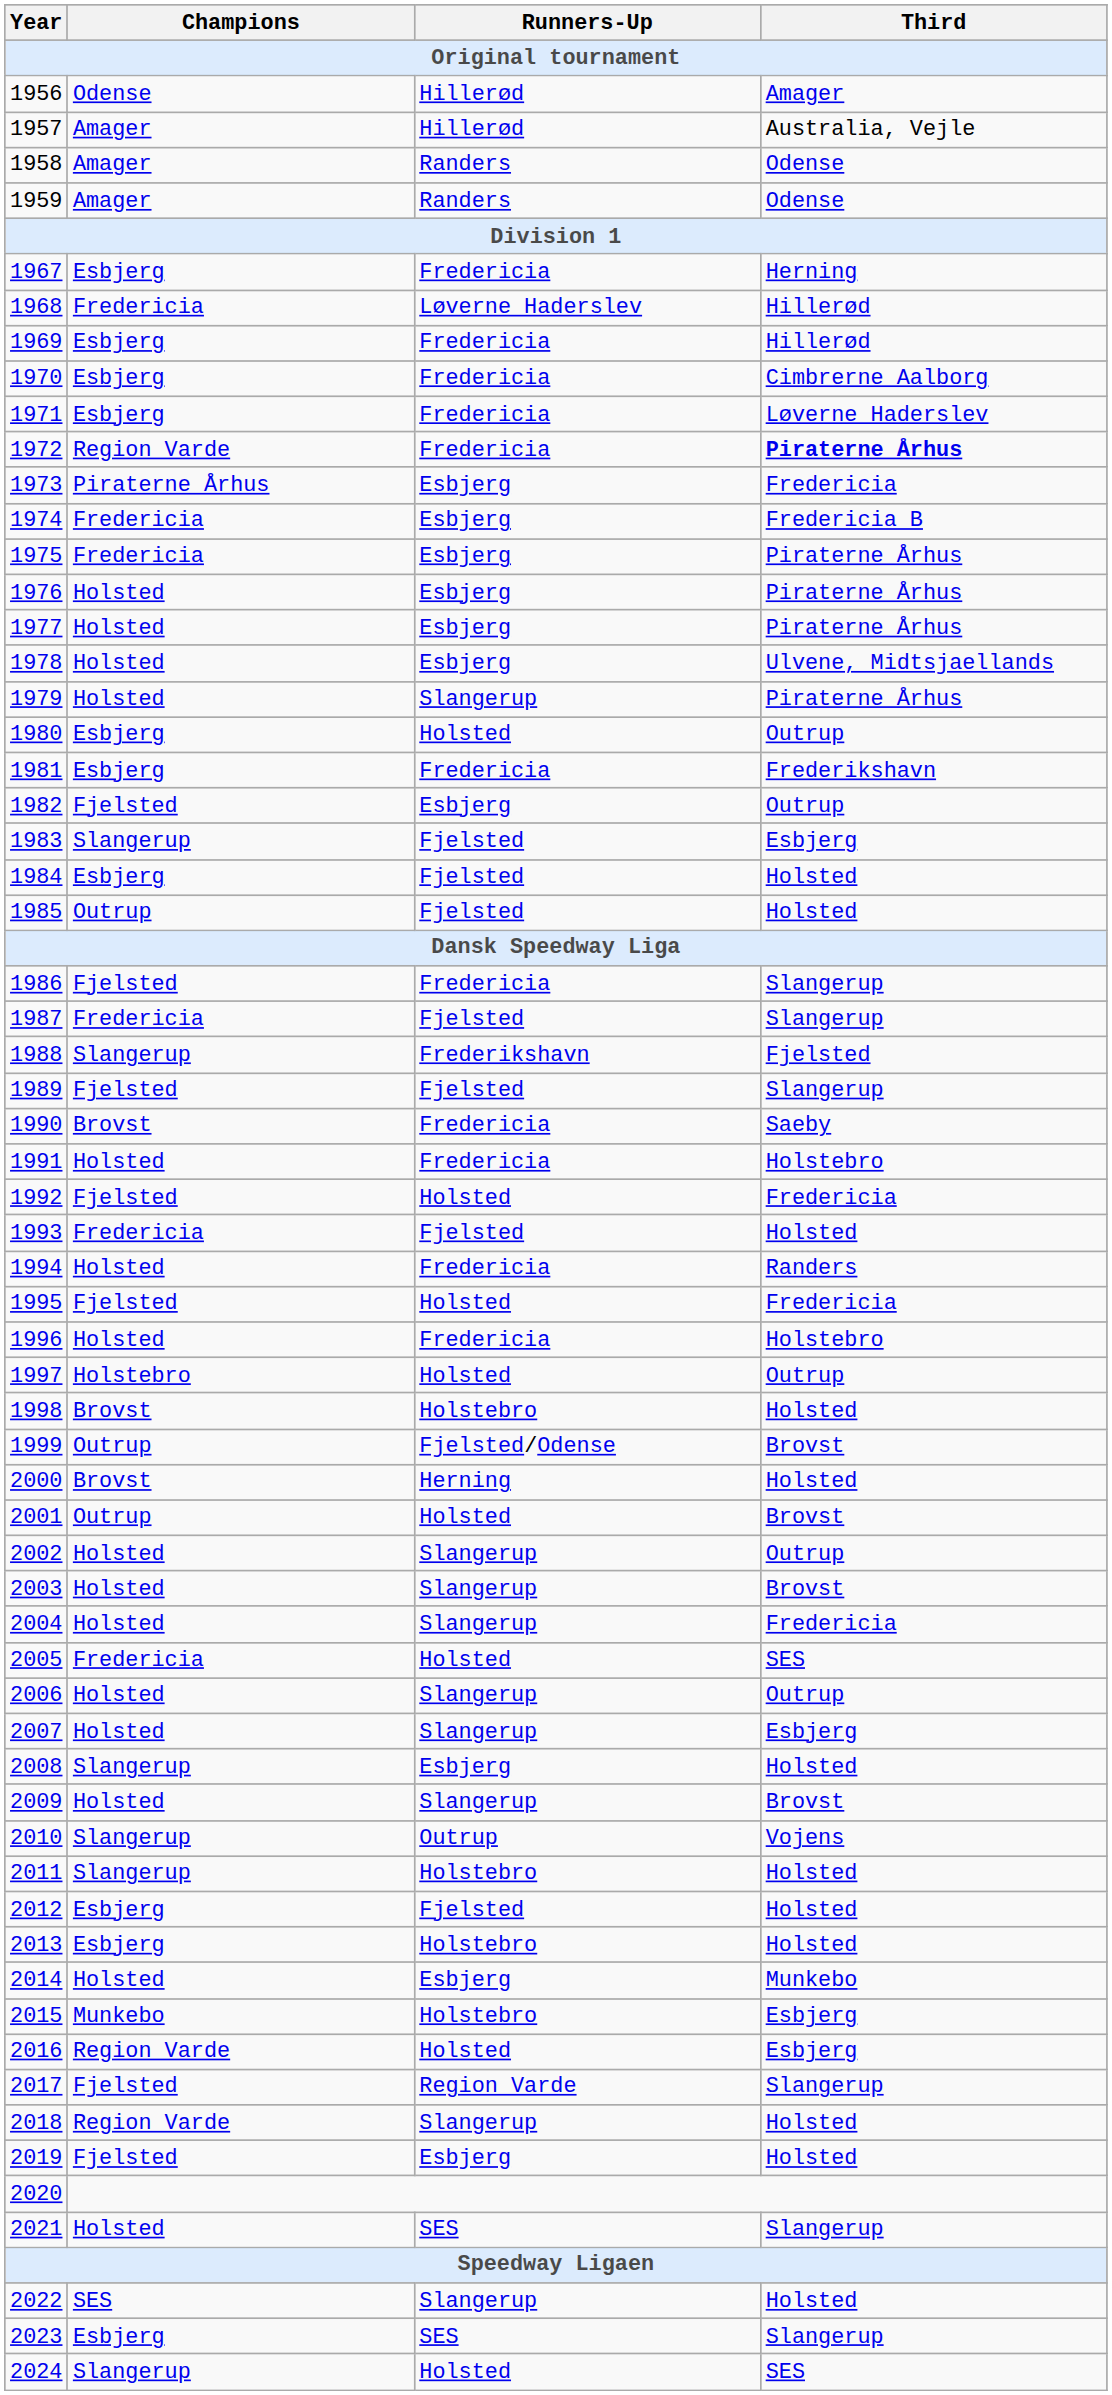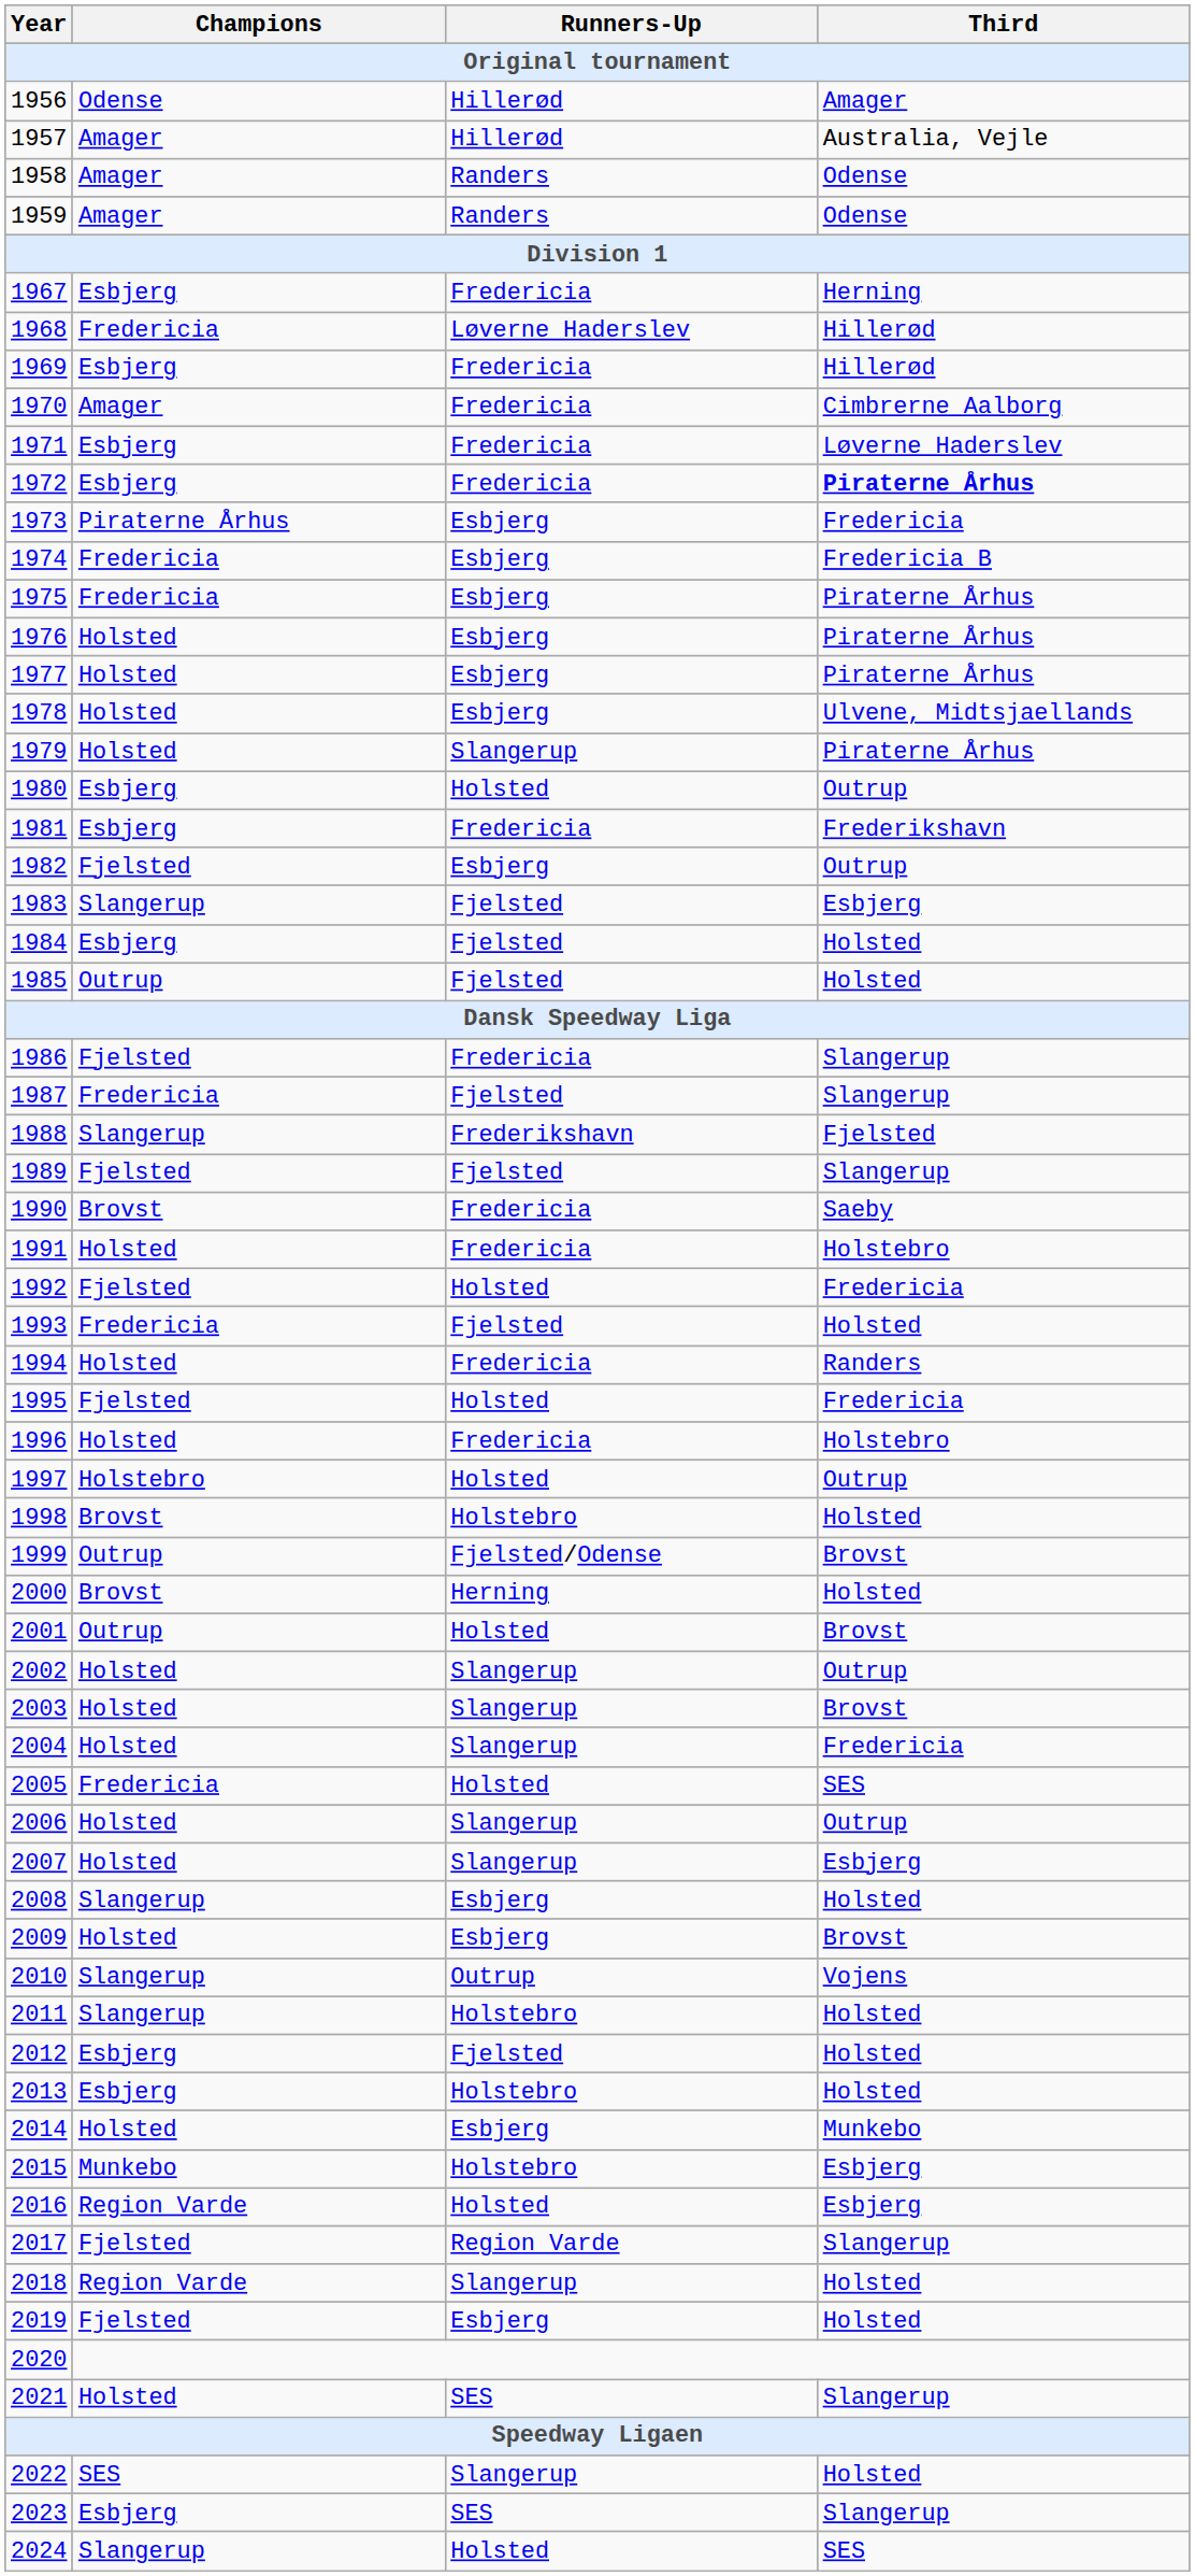 <table class="wikitable">
 <tr>
 <th>Year</th>
 <th width=200px>Champions</th>
 <th width=200px>Runners-Up</th>
 <th width=200px>Third</th>
 </tr>
 <tr>
 <td colspan="14" style="border:0;opacity:.70; background-color:#D0E6FF"; align=center><strong>Original tournament</strong></td>
 </tr>
 <tr>
 <td>1956</td>
 <td><a href='#'>Odense</a></td>
 <td><a href='#'>Hillerød</a></td>
 <td><a href='#'>Amager</a></td>
 </tr>
 <tr>
 <td>1957</td>
 <td><a href='#'>Amager</a></td>
 <td><a href='#'>Hillerød</a></td>
 <td>Australia, Vejle</td>
 </tr>
 <tr>
 <td>1958</td>
 <td><a href='#'>Amager</a></td>
 <td><a href='#'>Randers</a></td>
 <td><a href='#'>Odense</a></td>
 </tr>
 <tr>
 <td>1959</td>
 <td><a href='#'>Amager</a></td>
 <td><a href='#'>Randers</a></td>
 <td><a href='#'>Odense</a></td>
 </tr>
 <tr>
 <td colspan="14" style="border:0;opacity:.70; background-color:#D0E6FF"; align=center><strong>Division 1</strong></td>
 </tr>
 <tr>
 <td><a href='#'>1967</a></td>
 <td><a href='#'>Esbjerg</a></td>
 <td><a href='#'>Fredericia</a></td>
 <td><a href='#'>Herning</a></td>
 </tr>
 <tr>
 <td><a href='#'>1968</a></td>
 <td><a href='#'>Fredericia</a></td>
 <td><a href='#'>Løverne Haderslev</a></td>
 <td><a href='#'>Hillerød</a></td>
 </tr>
 <tr>
 <td><a href='#'>1969</a></td>
 <td><a href='#'>Esbjerg</a></td>
 <td><a href='#'>Fredericia</a></td>
 <td><a href='#'>Hillerød</a></td>
 </tr>
 <tr>
 <td><a href='#'>1970</a></td>
-<td><a href='#'>Esbjerg</a></td>
+<td><a href='#'>Amager</a></td>
 <td><a href='#'>Fredericia</a></td>
 <td><a href='#'>Cimbrerne Aalborg</a></td>
 </tr>
 <tr>
 <td><a href='#'>1971</a></td>
 <td><a href='#'>Esbjerg</a></td>
 <td><a href='#'>Fredericia</a></td>
 <td><a href='#'>Løverne Haderslev</a></td>
 </tr>
 <tr>
 <td><a href='#'>1972</a></td>
-<td><a href='#'>Region Varde</a></td>
+<td><a href='#'>Esbjerg</a></td>
 <td><a href='#'>Fredericia</a></td>
 <td><strong><a href='#'>Piraterne Århus</a></strong></td>
 </tr>
 <tr>
 <td><a href='#'>1973</a></td>
 <td><a href='#'>Piraterne Århus</a></td>
 <td><a href='#'>Esbjerg</a></td>
 <td><a href='#'>Fredericia</a></td>
 </tr>
 <tr>
 <td><a href='#'>1974</a></td>
 <td><a href='#'>Fredericia</a></td>
 <td><a href='#'>Esbjerg</a></td>
 <td><a href='#'>Fredericia B</a></td>
 </tr>
 <tr>
 <td><a href='#'>1975</a></td>
 <td><a href='#'>Fredericia</a></td>
 <td><a href='#'>Esbjerg</a></td>
 <td><a href='#'>Piraterne Århus</a></td>
 </tr>
 <tr>
 <td><a href='#'>1976</a></td>
 <td><a href='#'>Holsted</a></td>
 <td><a href='#'>Esbjerg</a></td>
 <td><a href='#'>Piraterne Århus</a></td>
 </tr>
 <tr>
 <td><a href='#'>1977</a></td>
 <td><a href='#'>Holsted</a></td>
 <td><a href='#'>Esbjerg</a></td>
 <td><a href='#'>Piraterne Århus</a></td>
 </tr>
 <tr>
 <td><a href='#'>1978</a></td>
 <td><a href='#'>Holsted</a></td>
 <td><a href='#'>Esbjerg</a></td>
 <td><a href='#'>Ulvene, Midtsjaellands</a></td>
 </tr>
 <tr>
 <td><a href='#'>1979</a></td>
 <td><a href='#'>Holsted</a></td>
 <td><a href='#'>Slangerup</a></td>
 <td><a href='#'>Piraterne Århus</a></td>
 </tr>
 <tr>
 <td><a href='#'>1980</a></td>
 <td><a href='#'>Esbjerg</a></td>
 <td><a href='#'>Holsted</a></td>
 <td><a href='#'>Outrup</a></td>
 </tr>
 <tr>
 <td><a href='#'>1981</a></td>
 <td><a href='#'>Esbjerg</a></td>
 <td><a href='#'>Fredericia</a></td>
 <td><a href='#'>Frederikshavn</a></td>
 </tr>
 <tr>
 <td><a href='#'>1982</a></td>
 <td><a href='#'>Fjelsted</a></td>
 <td><a href='#'>Esbjerg</a></td>
 <td><a href='#'>Outrup</a></td>
 </tr>
 <tr>
 <td><a href='#'>1983</a></td>
 <td><a href='#'>Slangerup</a></td>
 <td><a href='#'>Fjelsted</a></td>
 <td><a href='#'>Esbjerg</a></td>
 </tr>
 <tr>
 <td><a href='#'>1984</a></td>
 <td><a href='#'>Esbjerg</a></td>
 <td><a href='#'>Fjelsted</a></td>
 <td><a href='#'>Holsted</a></td>
 </tr>
 <tr>
 <td><a href='#'>1985</a></td>
 <td><a href='#'>Outrup</a></td>
 <td><a href='#'>Fjelsted</a></td>
 <td><a href='#'>Holsted</a></td>
 </tr>
 <tr class="sortbottom">
 <td colspan="14" style="border:0;opacity:.70; background-color:#D0E6FF"; align=center><strong>Dansk Speedway Liga</strong></td>
 </tr>
 <tr>
 <td><a href='#'>1986</a></td>
 <td><a href='#'>Fjelsted</a></td>
 <td><a href='#'>Fredericia</a></td>
 <td><a href='#'>Slangerup</a></td>
 </tr>
 <tr>
 <td><a href='#'>1987</a></td>
 <td><a href='#'>Fredericia</a></td>
 <td><a href='#'>Fjelsted</a></td>
 <td><a href='#'>Slangerup</a></td>
 </tr>
 <tr>
 <td><a href='#'>1988</a></td>
 <td><a href='#'>Slangerup</a></td>
 <td><a href='#'>Frederikshavn</a></td>
 <td><a href='#'>Fjelsted</a></td>
 </tr>
 <tr>
 <td><a href='#'>1989</a></td>
 <td><a href='#'>Fjelsted</a></td>
 <td><a href='#'>Fjelsted</a></td>
 <td><a href='#'>Slangerup</a></td>
 </tr>
 <tr>
 <td><a href='#'>1990</a></td>
 <td><a href='#'>Brovst</a></td>
 <td><a href='#'>Fredericia</a></td>
 <td><a href='#'>Saeby</a></td>
 </tr>
 <tr>
 <td><a href='#'>1991</a></td>
 <td><a href='#'>Holsted</a></td>
 <td><a href='#'>Fredericia</a></td>
 <td><a href='#'>Holstebro</a></td>
 </tr>
 <tr>
 <td><a href='#'>1992</a></td>
 <td><a href='#'>Fjelsted</a></td>
 <td><a href='#'>Holsted</a></td>
 <td><a href='#'>Fredericia</a></td>
 </tr>
 <tr>
 <td><a href='#'>1993</a></td>
 <td><a href='#'>Fredericia</a></td>
 <td><a href='#'>Fjelsted</a></td>
 <td><a href='#'>Holsted</a></td>
 </tr>
 <tr>
 <td><a href='#'>1994</a></td>
 <td><a href='#'>Holsted</a></td>
 <td><a href='#'>Fredericia</a></td>
 <td><a href='#'>Randers</a></td>
 </tr>
 <tr>
 <td><a href='#'>1995</a></td>
 <td><a href='#'>Fjelsted</a></td>
 <td><a href='#'>Holsted</a></td>
 <td><a href='#'>Fredericia</a></td>
 </tr>
 <tr>
 <td><a href='#'>1996</a></td>
 <td><a href='#'>Holsted</a></td>
 <td><a href='#'>Fredericia</a></td>
 <td><a href='#'>Holstebro</a></td>
 </tr>
 <tr>
 <td><a href='#'>1997</a></td>
 <td><a href='#'>Holstebro</a></td>
 <td><a href='#'>Holsted</a></td>
 <td><a href='#'>Outrup</a></td>
 </tr>
 <tr>
 <td><a href='#'>1998</a></td>
 <td><a href='#'>Brovst</a></td>
 <td><a href='#'>Holstebro</a></td>
 <td><a href='#'>Holsted</a></td>
 </tr>
 <tr>
 <td><a href='#'>1999</a></td>
 <td><a href='#'>Outrup</a></td>
 <td><a href='#'>Fjelsted</a>/<a href='#'>Odense</a></td>
 <td><a href='#'>Brovst</a></td>
 </tr>
 <tr>
 <td><a href='#'>2000</a></td>
 <td><a href='#'>Brovst</a></td>
 <td><a href='#'>Herning</a></td>
 <td><a href='#'>Holsted</a></td>
 </tr>
 <tr>
 <td><a href='#'>2001</a></td>
 <td><a href='#'>Outrup</a></td>
 <td><a href='#'>Holsted</a></td>
 <td><a href='#'>Brovst</a></td>
 </tr>
 <tr>
 <td><a href='#'>2002</a></td>
 <td><a href='#'>Holsted</a></td>
 <td><a href='#'>Slangerup</a></td>
 <td><a href='#'>Outrup</a></td>
 </tr>
 <tr>
 <td><a href='#'>2003</a></td>
 <td><a href='#'>Holsted</a></td>
 <td><a href='#'>Slangerup</a></td>
 <td><a href='#'>Brovst</a></td>
 </tr>
 <tr>
 <td><a href='#'>2004</a></td>
 <td><a href='#'>Holsted</a></td>
 <td><a href='#'>Slangerup</a></td>
 <td><a href='#'>Fredericia</a></td>
 </tr>
 <tr>
 <td><a href='#'>2005</a></td>
 <td><a href='#'>Fredericia</a></td>
 <td><a href='#'>Holsted</a></td>
 <td><a href='#'>SES</a></td>
 </tr>
 <tr>
 <td><a href='#'>2006</a></td>
 <td><a href='#'>Holsted</a></td>
 <td><a href='#'>Slangerup</a></td>
 <td><a href='#'>Outrup</a></td>
 </tr>
 <tr>
 <td><a href='#'>2007</a></td>
 <td><a href='#'>Holsted</a></td>
 <td><a href='#'>Slangerup</a></td>
 <td><a href='#'>Esbjerg</a></td>
 </tr>
 <tr>
 <td><a href='#'>2008</a></td>
 <td><a href='#'>Slangerup</a></td>
 <td><a href='#'>Esbjerg</a></td>
 <td><a href='#'>Holsted</a></td>
 </tr>
 <tr>
 <td><a href='#'>2009</a></td>
 <td><a href='#'>Holsted</a></td>
-<td><a href='#'>Slangerup</a></td>
+<td><a href='#'>Esbjerg</a></td>
 <td><a href='#'>Brovst</a></td>
 </tr>
 <tr>
 <td><a href='#'>2010</a></td>
 <td><a href='#'>Slangerup</a></td>
 <td><a href='#'>Outrup</a></td>
 <td><a href='#'>Vojens</a></td>
 </tr>
 <tr>
 <td><a href='#'>2011</a></td>
 <td><a href='#'>Slangerup</a></td>
 <td><a href='#'>Holstebro</a></td>
 <td><a href='#'>Holsted</a></td>
 </tr>
 <tr>
 <td><a href='#'>2012</a></td>
 <td><a href='#'>Esbjerg</a></td>
 <td><a href='#'>Fjelsted</a></td>
 <td><a href='#'>Holsted</a></td>
 </tr>
 <tr>
 <td><a href='#'>2013</a></td>
 <td><a href='#'>Esbjerg</a></td>
 <td><a href='#'>Holstebro</a></td>
 <td><a href='#'>Holsted</a></td>
 </tr>
 <tr>
 <td><a href='#'>2014</a></td>
 <td><a href='#'>Holsted</a></td>
 <td><a href='#'>Esbjerg</a></td>
 <td><a href='#'>Munkebo</a></td>
 </tr>
 <tr>
 <td><a href='#'>2015</a></td>
 <td><a href='#'>Munkebo</a></td>
 <td><a href='#'>Holstebro</a></td>
 <td><a href='#'>Esbjerg</a></td>
 </tr>
 <tr>
 <td><a href='#'>2016</a></td>
 <td><a href='#'>Region Varde</a></td>
 <td><a href='#'>Holsted</a></td>
 <td><a href='#'>Esbjerg</a></td>
 </tr>
 <tr>
 <td><a href='#'>2017</a></td>
 <td><a href='#'>Fjelsted</a></td>
 <td><a href='#'>Region Varde</a></td>
 <td><a href='#'>Slangerup</a></td>
 </tr>
 <tr>
 <td><a href='#'>2018</a></td>
 <td><a href='#'>Region Varde</a></td>
 <td><a href='#'>Slangerup</a></td>
 <td><a href='#'>Holsted</a></td>
 </tr>
 <tr>
 <td><a href='#'>2019</a></td>
 <td><a href='#'>Fjelsted</a></td>
 <td><a href='#'>Esbjerg</a></td>
 <td><a href='#'>Holsted</a></td>
 </tr>
 <tr>
 <td><a href='#'>2020</a></td>
 <td colspan=3></td>
 </tr>
 <tr>
 <td><a href='#'>2021</a></td>
 <td><a href='#'>Holsted</a></td>
 <td><a href='#'>SES</a></td>
 <td><a href='#'>Slangerup</a></td>
 </tr>
 <tr class="sortbottom">
 <td colspan="14" style="border:0;opacity:.70; background-color:#D0E6FF"; align=center><strong>Speedway Ligaen</strong></td>
 </tr>
 <tr>
 <td><a href='#'>2022</a></td>
 <td><a href='#'>SES</a></td>
 <td><a href='#'>Slangerup</a></td>
 <td><a href='#'>Holsted</a></td>
 </tr>
 <tr>
 <td><a href='#'>2023</a></td>
 <td><a href='#'>Esbjerg</a></td>
 <td><a href='#'>SES</a></td>
 <td><a href='#'>Slangerup</a></td>
 </tr>
 <tr>
 <td><a href='#'>2024</a></td>
 <td><a href='#'>Slangerup</a></td>
 <td><a href='#'>Holsted</a></td>
 <td><a href='#'>SES</a></td>
 </tr>
 </table>
